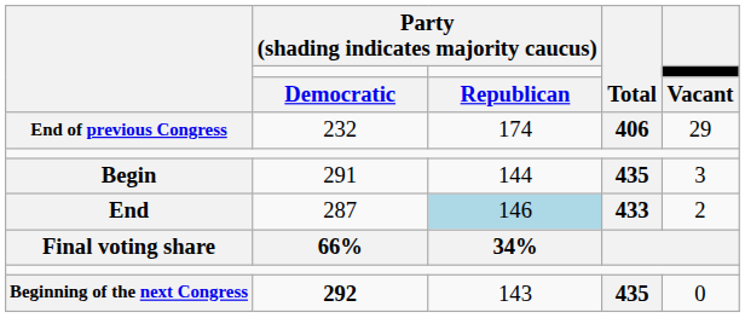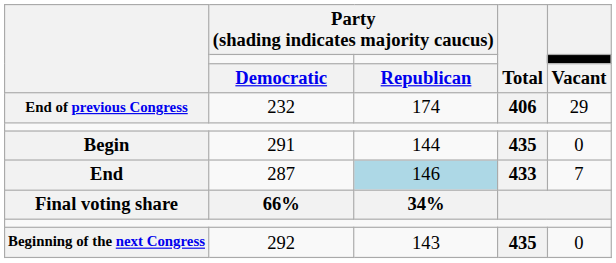 <table class="wikitable" style="text-align:center;">
 <tr style="vertical-align:bottom;">
 <th rowspan=3></th>
 <th colspan=2>Party <div>(shading indicates majority caucus)</div></th>
 <th rowspan=3>Total</th>
 <th></th>
 </tr>
 <tr style="height:5px">
 <td style="background-color:"></td>
 <td style="background-color:"></td>
 <td style="background:black;"></td>
 </tr>
 <tr>
 <th><a href='#'>Democratic</a></th>
 <th><a href='#'>Republican</a></th>
 <th>Vacant</th>
 </tr>
 <tr>
 <th style="white-space:nowrap; font-size:80%;">End of <a href='#'>previous Congress</a></th>
 <td>232</td>
 <td>174</td>
 <th>406</th>
 <td>29</td>
 </tr>
 <tr>
 <td colspan=6></td>
 </tr>
 <tr>
 <th nowrap>Begin</th>
 <td>291</td>
 <td>144</td>
 <th>435</th>
-<td>3</td>
+<td>0</td>
 </tr>
 <tr>
 <th>End</th>
 <td>287</td>
 <td style="background: lightblue;">146</td>
 <th>433</th>
-<td>2</td>
+<td>7</td>
 </tr>
 <tr>
 <th>Final voting share</th>
 <th>66%</th>
 <th>34%</th>
 <th colspan=2></th>
 </tr>
 <tr>
 <td colspan=6></td>
 </tr>
 <tr>
 <th style="white-space:nowrap; font-size:80%;">Beginning of the <a href='#'>next Congress</a></th>
-<td><strong>292</strong></td>
+<td>292</td>
 <td>143</td>
 <th>435</th>
 <td>0</td>
 </tr>
 </table>
